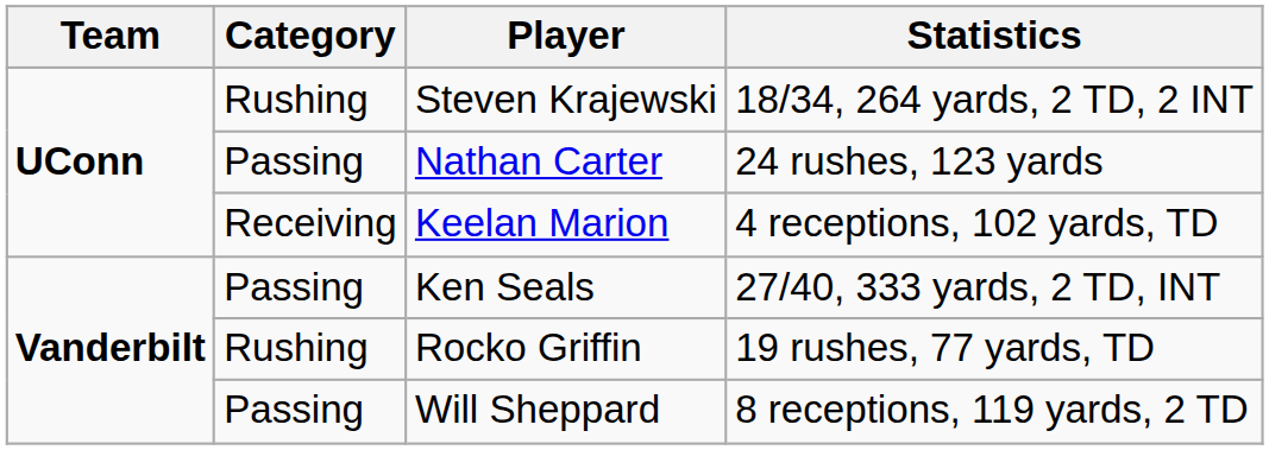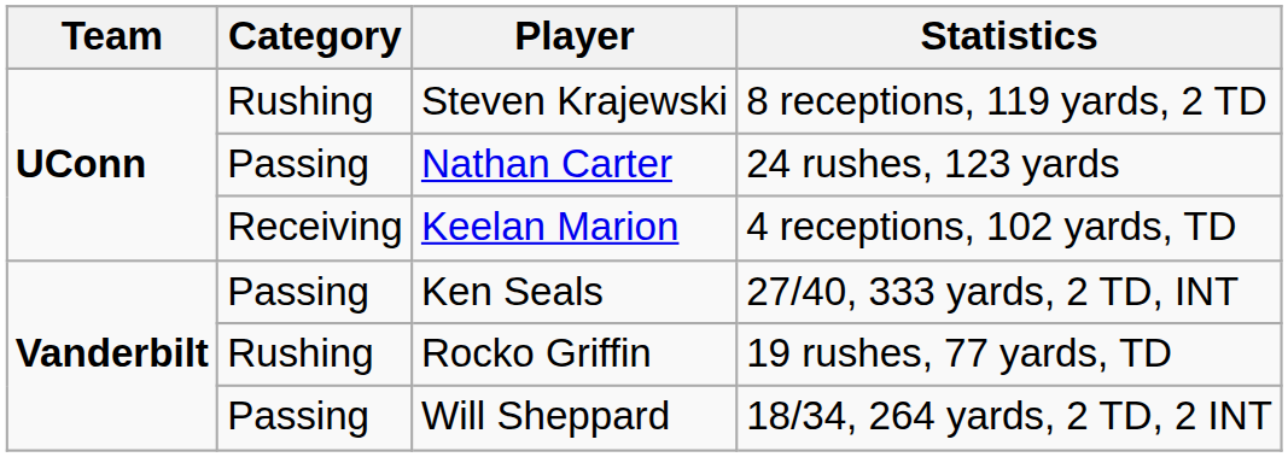 <table class="wikitable" style="float: right;">
 <tr>
 <th>Team</th>
 <th>Category</th>
 <th>Player</th>
 <th>Statistics</th>
 </tr>
 <tr>
 <td rowspan=3><strong>UConn</strong></td>
 <td>Rushing</td>
 <td>Steven Krajewski</td>
-<td>18/34, 264 yards, 2 TD, 2 INT</td>
+<td>8 receptions, 119 yards, 2 TD</td>
 </tr>
 <tr>
 <td>Passing</td>
 <td><a href='#'>Nathan Carter</a></td>
 <td>24 rushes, 123 yards</td>
 </tr>
 <tr>
 <td>Receiving</td>
 <td><a href='#'>Keelan Marion</a></td>
 <td>4 receptions, 102 yards, TD</td>
 </tr>
 <tr>
 <td rowspan=3><strong>Vanderbilt</strong></td>
 <td>Passing</td>
 <td>Ken Seals</td>
 <td>27/40, 333 yards, 2 TD, INT</td>
 </tr>
 <tr>
 <td>Rushing</td>
 <td>Rocko Griffin</td>
 <td>19 rushes, 77 yards, TD</td>
 </tr>
 <tr>
 <td>Passing</td>
 <td>Will Sheppard</td>
-<td>8 receptions, 119 yards, 2 TD</td>
+<td>18/34, 264 yards, 2 TD, 2 INT</td>
 </tr>
 </table>
